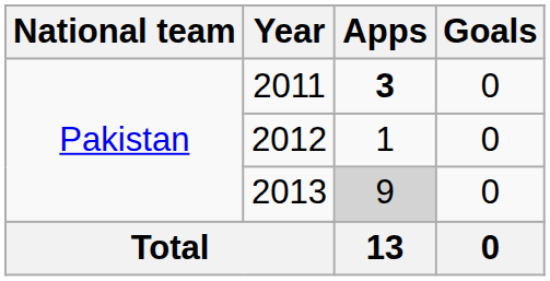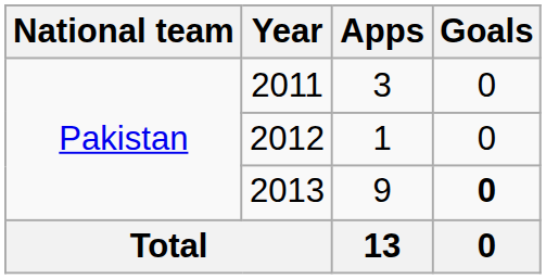 <table class="wikitable" style="text-align:center">
 <tr>
 <th>National team</th>
 <th>Year</th>
 <th>Apps</th>
 <th>Goals</th>
 </tr>
 <tr>
 <td rowspan="3"><a href='#'>Pakistan</a></td>
 <td>2011</td>
-<td><strong>3</strong></td>
+<td>3</td>
 <td>0</td>
 </tr>
 <tr>
 <td>2012</td>
 <td>1</td>
 <td>0</td>
 </tr>
 <tr>
 <td>2013</td>
-<td style="background: lightgrey;">9</td>
-<td>0</td>
+<td>9</td>
+<td><strong>0</strong></td>
 </tr>
 <tr>
 <th colspan="2">Total</th>
 <th>13</th>
 <th>0</th>
 </tr>
 </table>
